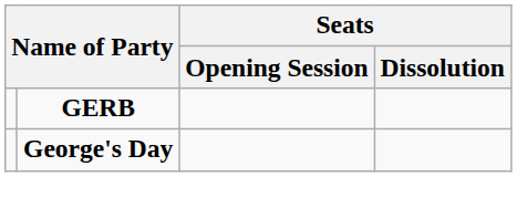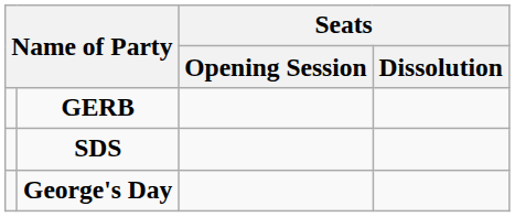 <table class="wikitable">
 <tr>
 <th colspan="2" rowspan="2">Name of Party</th>
 <th colspan="2">Seats</th>
 </tr>
 <tr>
 <th>Opening Session</th>
 <th>Dissolution</th>
 </tr>
 <tr>
 <td style="color:inherit;background:"></td>
 <td style="text-align:center"><strong>GERB</strong></td>
 <td></td>
 <td></td>
 </tr>
 <tr>
 <td style="color:inherit;background:"></td>
+<td style="text-align:center"><strong>SDS</strong></td>
+<td></td>
+<td></td>
+</tr>
+<tr>
+<td style="color:inherit;background:"></td>
 <td style="text-align:center"><strong>George's Day</strong></td>
 <td></td>
 <td></td>
 </tr>
 </table>
